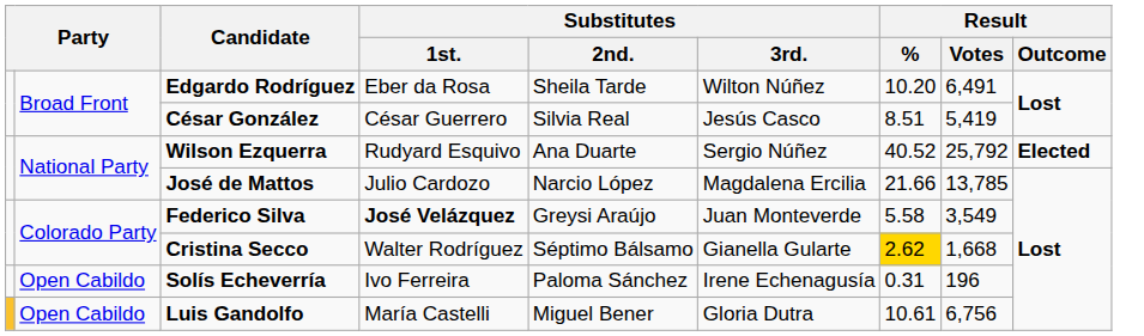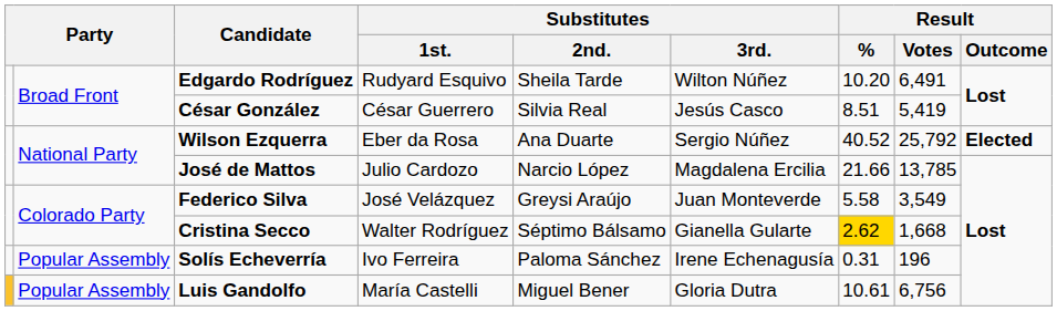 <table class="wikitable">
 <tr>
 <th colspan="2" rowspan="2">Party</th>
 <th rowspan="2">Candidate</th>
 <th colspan="3">Substitutes</th>
 <th colspan="3">Result</th>
 </tr>
 <tr>
 <th>1st.</th>
 <th>2nd.</th>
 <th>3rd.</th>
 <th>%</th>
 <th>Votes</th>
 <th>Outcome</th>
 </tr>
 <tr>
 <td rowspan="2" style="background:"></td>
 <td rowspan="2"><a href='#'>Broad Front</a></td>
 <td><strong>Edgardo Rodríguez</strong></td>
-<td>Eber da Rosa</td>
+<td>Rudyard Esquivo</td>
 <td>Sheila Tarde</td>
 <td>Wilton Núñez</td>
 <td>10.20</td>
 <td>6,491</td>
 <td rowspan="2"><strong>Lost</strong> </td>
 </tr>
 <tr>
 <td><strong>César González</strong></td>
 <td>César Guerrero</td>
 <td>Silvia Real</td>
 <td>Jesús Casco</td>
 <td>8.51</td>
 <td>5,419</td>
 </tr>
 <tr>
 <td rowspan="2" style="background:"></td>
 <td rowspan="2"><a href='#'>National Party</a></td>
 <td><strong>Wilson Ezquerra</strong></td>
-<td>Rudyard Esquivo</td>
+<td>Eber da Rosa</td>
 <td>Ana Duarte</td>
 <td>Sergio Núñez</td>
 <td>40.52</td>
 <td>25,792</td>
 <td><strong>Elected</strong> </td>
 </tr>
 <tr>
 <td><strong>José de Mattos</strong></td>
 <td>Julio Cardozo</td>
 <td>Narcio López</td>
 <td>Magdalena Ercilia</td>
 <td>21.66</td>
 <td>13,785</td>
 <td rowspan="5"><strong>Lost</strong> </td>
 </tr>
 <tr>
 <td rowspan="2" style="background:"></td>
 <td rowspan="2"><a href='#'>Colorado Party</a></td>
 <td><strong>Federico Silva</strong></td>
-<td><strong>José Velázquez</strong></td>
+<td>José Velázquez</td>
 <td>Greysi Araújo</td>
 <td>Juan Monteverde</td>
 <td>5.58</td>
 <td>3,549</td>
 </tr>
 <tr>
 <td><strong>Cristina Secco</strong></td>
 <td>Walter Rodríguez</td>
 <td>Séptimo Bálsamo</td>
 <td>Gianella Gularte</td>
 <td style="background: gold;">2.62</td>
 <td>1,668</td>
 </tr>
 <tr>
 <td style="background:"></td>
-<td><a href='#'>Open Cabildo</a></td>
+<td><a href='#'>Popular Assembly</a></td>
 <td><strong>Solís Echeverría</strong></td>
 <td>Ivo Ferreira</td>
 <td>Paloma Sánchez</td>
 <td>Irene Echenagusía</td>
 <td>0.31</td>
 <td>196</td>
 </tr>
 <tr>
 <td style="background:#FBC22B"></td>
-<td><a href='#'>Open Cabildo</a></td>
+<td><a href='#'>Popular Assembly</a></td>
 <td><strong>Luis Gandolfo</strong></td>
 <td>María Castelli</td>
 <td>Miguel Bener</td>
 <td>Gloria Dutra</td>
 <td>10.61</td>
 <td>6,756</td>
 </tr>
 </table>
